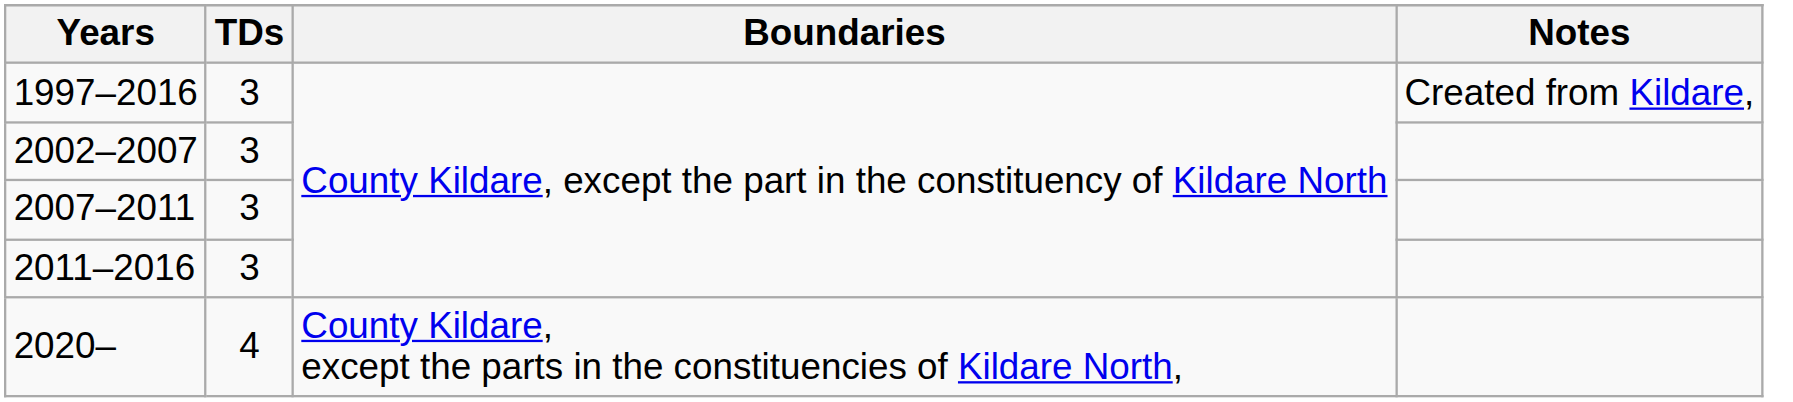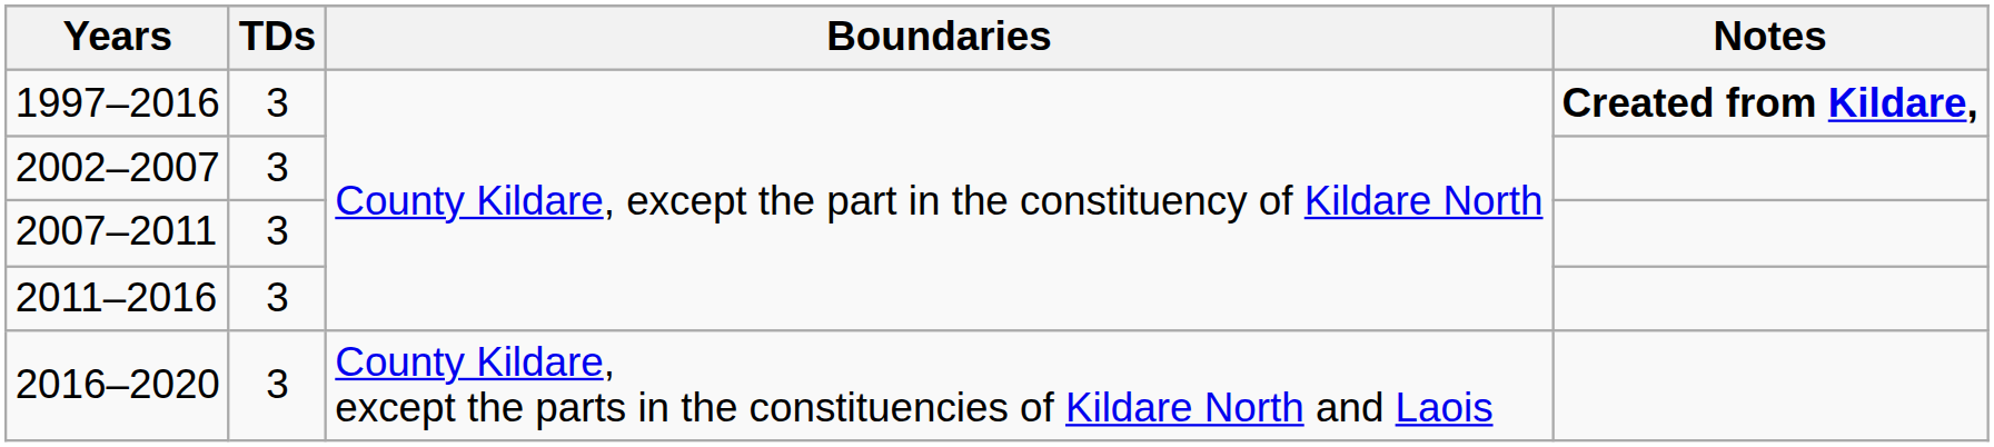 <table class="wikitable">
 <tr bgcolor="green">
 </tr>
 <tr>
 <th>Years</th>
 <th>TDs</th>
 <th>Boundaries</th>
 <th>Notes</th>
 </tr>
 <tr>
 <td>1997–2016</td>
 <td align="center">3</td>
 <td rowspan=4><a href='#'>County Kildare</a>, except the part in the constituency of <a href='#'>Kildare North</a></td>
-<td>Created from <a href='#'>Kildare</a>, </td>
+<td><strong>Created from <a href='#'>Kildare</a>, </strong></td>
 </tr>
 <tr>
 <td>2002–2007</td>
 <td align="center">3</td>
 <td></td>
 </tr>
 <tr>
 <td>2007–2011</td>
 <td align="center">3</td>
 <td></td>
 </tr>
 <tr>
 <td>2011–2016</td>
 <td align="center">3</td>
 <td></td>
 </tr>
 <tr>
-<td>2020–</td>
-<td align="center">4</td>
-<td><a href='#'>County Kildare</a>,<br>except the parts in the constituencies of <a href='#'>Kildare North</a>,  </td>
-<td><br> </td>
+<td>2016–2020</td>
+<td align="center">3</td>
+<td><a href='#'>County Kildare</a>,<br>except the parts in the constituencies of <a href='#'>Kildare North</a> and <a href='#'>Laois</a></td>
+<td><br></td>
 </tr>
 </table>
